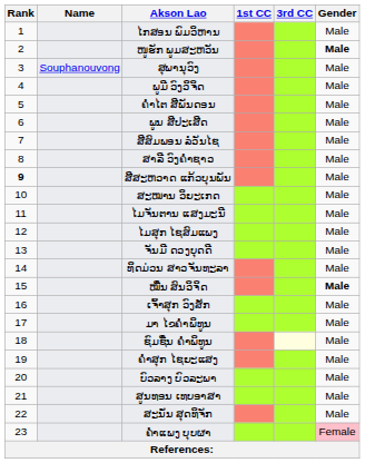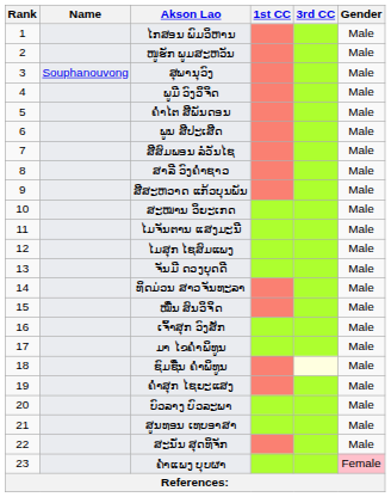 <table class="wikitable sortable" style=text-align:center>
 <tr>
 <th>Rank</th>
 <th>Name</th>
 <th class="unsortable"><a href='#'>Akson Lao</a></th>
 <th unsortable><a href='#'>1st CC</a></th>
 <th unsortable><a href='#'>3rd CC</a></th>
 <th>Gender</th>
 </tr>
 <tr>
 <td>1</td>
 <td bgcolor = #EAECF0></td>
 <td bgcolor = #EAECF0>ໄກສອນ ພົມວິຫານ</td>
 <td bgcolor = Salmon></td>
 <td bgcolor = GreenYellow></td>
 <td>Male</td>
 </tr>
 <tr>
 <td>2</td>
 <td bgcolor = #EAECF0></td>
 <td bgcolor = #EAECF0>ໜູຮັກ ພູມສະຫວັນ</td>
 <td bgcolor = Salmon></td>
 <td bgcolor = GreenYellow></td>
-<td><strong>Male</strong></td>
+<td>Male</td>
 </tr>
 <tr>
 <td>3</td>
 <td bgcolor = #EAECF0><a href='#'>Souphanouvong</a></td>
 <td bgcolor = #EAECF0>ສຸພານຸວົງ</td>
 <td bgcolor = Salmon></td>
 <td bgcolor = GreenYellow></td>
 <td>Male</td>
 </tr>
 <tr>
 <td>4</td>
 <td bgcolor = #EAECF0></td>
 <td bgcolor = #EAECF0>ພູມີ ວົງວິຈິດ</td>
 <td bgcolor = Salmon></td>
 <td bgcolor = GreenYellow></td>
 <td>Male</td>
 </tr>
 <tr>
 <td>5</td>
 <td bgcolor = #EAECF0></td>
 <td bgcolor = #EAECF0>ຄໍາໄຕ ສີພັນດອນ</td>
 <td bgcolor = Salmon></td>
 <td bgcolor = GreenYellow></td>
 <td>Male</td>
 </tr>
 <tr>
 <td>6</td>
 <td bgcolor = #EAECF0></td>
 <td bgcolor = #EAECF0>ພູນ ສີປະເສີດ</td>
 <td bgcolor = Salmon></td>
 <td bgcolor = GreenYellow></td>
 <td>Male</td>
 </tr>
 <tr>
 <td>7</td>
 <td bgcolor = #EAECF0></td>
 <td bgcolor = #EAECF0>ສີສົມພອນ ລໍວັນໄຊ</td>
 <td bgcolor = Salmon></td>
 <td bgcolor = GreenYellow></td>
 <td>Male</td>
 </tr>
 <tr>
 <td>8</td>
 <td bgcolor = #EAECF0></td>
 <td bgcolor = #EAECF0>ສາລີ ວົງຄໍາຊາວ</td>
 <td bgcolor = Salmon></td>
 <td bgcolor = GreenYellow></td>
 <td>Male</td>
 </tr>
 <tr>
-<td><strong>9</strong></td>
+<td>9</td>
 <td bgcolor = #EAECF0></td>
 <td bgcolor = #EAECF0>ສີສະຫວາດ ແກ້ວບຸນພັນ</td>
 <td bgcolor = Salmon></td>
 <td bgcolor = GreenYellow></td>
 <td>Male</td>
 </tr>
 <tr>
 <td>10</td>
 <td bgcolor = #EAECF0></td>
 <td bgcolor = #EAECF0>ສະໝານ ວິຍະເກດ</td>
 <td bgcolor = GreenYellow></td>
 <td bgcolor = GreenYellow></td>
 <td>Male</td>
 </tr>
 <tr>
 <td>11</td>
 <td bgcolor = #EAECF0></td>
 <td bgcolor = #EAECF0>ໄມຈັນຕານ ແສງມະນີ</td>
 <td bgcolor = GreenYellow></td>
 <td bgcolor = GreenYellow></td>
 <td>Male</td>
 </tr>
 <tr>
 <td>12</td>
 <td bgcolor = #EAECF0></td>
 <td bgcolor = #EAECF0>ໄມສຸກ ໄຊສົມແພງ</td>
 <td bgcolor = GreenYellow></td>
 <td bgcolor = GreenYellow></td>
 <td>Male</td>
 </tr>
 <tr>
 <td>13</td>
 <td bgcolor = #EAECF0></td>
 <td bgcolor = #EAECF0>ຈັນມີ ດວງບຸດດີ</td>
 <td bgcolor = GreenYellow></td>
 <td bgcolor = GreenYellow></td>
 <td>Male</td>
 </tr>
 <tr>
 <td>14</td>
 <td bgcolor = #EAECF0></td>
 <td bgcolor = #EAECF0>ທິດມ່ວນ ສາວຈັນທະລາ</td>
 <td bgcolor = Salmon></td>
 <td bgcolor = GreenYellow></td>
 <td>Male</td>
 </tr>
 <tr>
 <td>15</td>
 <td bgcolor = #EAECF0></td>
 <td bgcolor = #EAECF0>ໝື່ນ ສົນວິຈິດ</td>
 <td bgcolor = Salmon></td>
 <td bgcolor = GreenYellow></td>
-<td><strong>Male</strong></td>
+<td>Male</td>
 </tr>
 <tr>
 <td>16</td>
 <td bgcolor = #EAECF0></td>
 <td bgcolor = #EAECF0>ເຈົ້າສຸກ ວົງສັກ</td>
 <td bgcolor = GreenYellow></td>
 <td bgcolor = GreenYellow></td>
 <td>Male</td>
 </tr>
 <tr>
 <td>17</td>
 <td bgcolor = #EAECF0></td>
 <td bgcolor = #EAECF0>ມາ ໄຂຄຳພິທູນ</td>
 <td bgcolor = GreenYellow></td>
 <td bgcolor = GreenYellow></td>
 <td>Male</td>
 </tr>
 <tr>
 <td>18</td>
 <td bgcolor = #EAECF0></td>
 <td bgcolor = #EAECF0>ຊົມຊື່ນ ຄຳພິທູນ</td>
 <td bgcolor = Salmon></td>
 <td bgcolor = LightYellow></td>
 <td>Male</td>
 </tr>
 <tr>
 <td>19</td>
 <td bgcolor = #EAECF0></td>
 <td bgcolor = #EAECF0>ຄຳສຸກ ໄຊຍະແສງ</td>
 <td bgcolor = Salmon></td>
 <td bgcolor = GreenYellow></td>
 <td>Male</td>
 </tr>
 <tr>
 <td>20</td>
 <td bgcolor = #EAECF0></td>
 <td bgcolor = #EAECF0>ບົວລາງ ບົວລະພາ</td>
 <td bgcolor = GreenYellow></td>
 <td bgcolor = GreenYellow></td>
 <td>Male</td>
 </tr>
 <tr>
 <td>21</td>
 <td bgcolor = #EAECF0></td>
 <td bgcolor = #EAECF0>ສູນທອນ ເທບອາສາ</td>
 <td bgcolor = GreenYellow></td>
 <td bgcolor = GreenYellow></td>
 <td>Male</td>
 </tr>
 <tr>
 <td>22</td>
 <td bgcolor = #EAECF0></td>
 <td bgcolor = #EAECF0>ສະນັ່ນ ສຸດທິຈັກ</td>
 <td bgcolor = Salmon></td>
 <td bgcolor = GreenYellow></td>
 <td>Male</td>
 </tr>
 <tr>
 <td>23</td>
 <td bgcolor = #EAECF0></td>
 <td bgcolor = #EAECF0>ຄຳແພງ ບຸບຜາ</td>
 <td bgcolor = GreenYellow></td>
 <td bgcolor = GreenYellow></td>
 <td bgcolor = Pink>Female</td>
 </tr>
 <tr class=sortbottom>
 <th colspan = "6" align = left><strong>References:</strong><br></th>
 </tr>
 </table>
